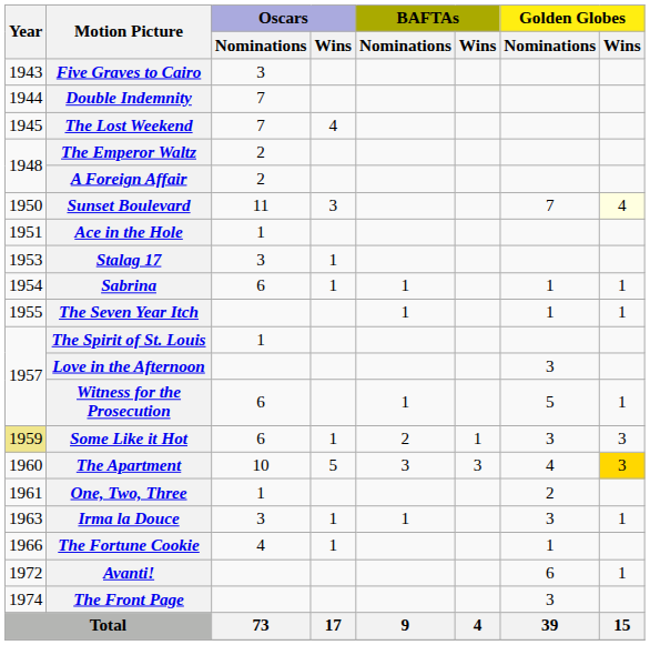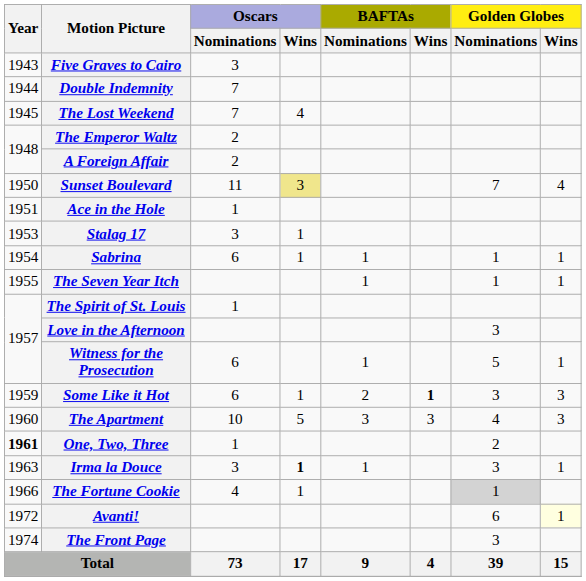 <table class="wikitable plainrowheaders">
 <tr>
 <th scope="col" rowspan="2">Year</th>
 <th scope="col" rowspan="2">Motion Picture</th>
 <th scope="col" colspan="2" style="background-color:#aaaade;">Oscars</th>
 <th scope="col" colspan="2" style="background-color:#aa0;">BAFTAs</th>
 <th scope="col" colspan="2" style="background-color:#fe1;">Golden Globes</th>
 </tr>
 <tr>
 <th>Nominations</th>
 <th>Wins</th>
 <th>Nominations</th>
 <th>Wins</th>
 <th>Nominations</th>
 <th>Wins</th>
 </tr>
 <tr>
 <td>1943</td>
 <th scope="row"><em><a href='#'>Five Graves to Cairo</a></em></th>
 <td align=center>3</td>
 <td></td>
 <td></td>
 <td></td>
 <td></td>
 <td></td>
 </tr>
 <tr>
 <td>1944</td>
 <th scope="row"><em><a href='#'>Double Indemnity</a></em></th>
 <td align=center>7</td>
 <td></td>
 <td></td>
 <td></td>
 <td></td>
 <td></td>
 </tr>
 <tr>
 <td>1945</td>
 <th scope="row"><em><a href='#'>The Lost Weekend</a></em></th>
 <td align=center>7</td>
 <td align=center>4</td>
 <td></td>
 <td></td>
 <td></td>
 <td></td>
 </tr>
 <tr>
 <td rowspan="2">1948</td>
 <th scope="row"><em><a href='#'>The Emperor Waltz</a></em></th>
 <td align=center>2</td>
 <td></td>
 <td></td>
 <td></td>
 <td></td>
 <td></td>
 </tr>
 <tr>
 <th scope="row"><em><a href='#'>A Foreign Affair</a></em></th>
 <td align=center>2</td>
 <td></td>
 <td></td>
 <td></td>
 <td></td>
 <td></td>
 </tr>
 <tr>
 <td>1950</td>
 <th scope="row"><em><a href='#'>Sunset Boulevard</a></em></th>
 <td align=center>11</td>
-<td align=center>3</td>
+<td align=center style="background: khaki;">3</td>
 <td></td>
 <td></td>
 <td align=center>7</td>
-<td align=center style="background: lightyellow;">4</td>
+<td align=center>4</td>
 </tr>
 <tr>
 <td>1951</td>
 <th scope="row"><em><a href='#'>Ace in the Hole</a></em></th>
 <td align=center>1</td>
 <td></td>
 <td></td>
 <td></td>
 <td></td>
 <td></td>
 </tr>
 <tr>
 <td>1953</td>
 <th scope="row"><em><a href='#'>Stalag 17</a></em></th>
 <td align=center>3</td>
 <td align=center>1</td>
 <td></td>
 <td></td>
 <td></td>
 <td></td>
 </tr>
 <tr>
 <td>1954</td>
 <th scope="row"><em><a href='#'>Sabrina</a></em></th>
 <td align=center>6</td>
 <td align=center>1</td>
 <td align=center>1</td>
 <td></td>
 <td align=center>1</td>
 <td align=center>1</td>
 </tr>
 <tr>
 <td>1955</td>
 <th scope="row"><em><a href='#'>The Seven Year Itch</a></em></th>
 <td></td>
 <td></td>
 <td align=center>1</td>
 <td></td>
 <td align=center>1</td>
 <td align=center>1</td>
 </tr>
 <tr>
 <td rowspan="3">1957</td>
 <th scope="row"><em><a href='#'>The Spirit of St. Louis</a></em></th>
 <td align=center>1</td>
 <td></td>
 <td></td>
 <td></td>
 <td></td>
 <td></td>
 </tr>
 <tr>
 <th scope="row"><em><a href='#'>Love in the Afternoon</a></em></th>
 <td></td>
 <td></td>
 <td></td>
 <td></td>
 <td align=center>3</td>
 <td></td>
 </tr>
 <tr>
 <th scope="row"><em><a href='#'>Witness for the Prosecution</a></em></th>
 <td align=center>6</td>
 <td></td>
 <td align=center>1</td>
 <td></td>
 <td align=center>5</td>
 <td align=center>1</td>
 </tr>
 <tr>
-<td style="background: khaki;">1959</td>
+<td>1959</td>
 <th scope="row"><em><a href='#'>Some Like it Hot</a></em></th>
 <td align=center>6</td>
 <td align=center>1</td>
 <td align=center>2</td>
-<td align=center>1</td>
+<td align=center><strong>1</strong></td>
 <td align=center>3</td>
 <td align=center>3</td>
 </tr>
 <tr>
 <td>1960</td>
 <th scope="row"><em><a href='#'>The Apartment</a></em></th>
 <td align=center>10</td>
 <td align=center>5</td>
 <td align=center>3</td>
 <td align=center>3</td>
 <td align=center>4</td>
-<td align=center style="background: gold;">3</td>
+<td align=center>3</td>
 </tr>
 <tr>
-<td>1961</td>
+<td><strong>1961</strong></td>
 <th scope="row"><em><a href='#'>One, Two, Three</a></em></th>
 <td align=center>1</td>
 <td></td>
 <td></td>
 <td></td>
 <td align=center>2</td>
 <td></td>
 </tr>
 <tr>
 <td>1963</td>
 <th scope="row"><em><a href='#'>Irma la Douce</a></em></th>
 <td align=center>3</td>
-<td align=center>1</td>
+<td align=center><strong>1</strong></td>
 <td align=center>1</td>
 <td></td>
 <td align=center>3</td>
 <td align=center>1</td>
 </tr>
 <tr>
 <td>1966</td>
 <th scope="row"><em><a href='#'>The Fortune Cookie</a></em></th>
 <td align=center>4</td>
 <td align=center>1</td>
 <td></td>
 <td></td>
-<td align=center>1</td>
+<td align=center style="background: lightgrey;">1</td>
 <td></td>
 </tr>
 <tr>
 <td>1972</td>
 <th scope="row"><em><a href='#'>Avanti!</a></em></th>
 <td></td>
 <td></td>
 <td></td>
 <td></td>
 <td align=center>6</td>
-<td align=center>1</td>
+<td align=center style="background: lightyellow;">1</td>
 </tr>
 <tr>
 <td>1974</td>
 <th scope="row"><em><a href='#'>The Front Page</a></em></th>
 <td></td>
 <td></td>
 <td></td>
 <td></td>
 <td align=center>3</td>
 <td></td>
 </tr>
 <tr>
 <th scope="col" colspan="2" style="background-color:#b4b5b3;">Total</th>
 <th>73</th>
 <th>17</th>
 <th>9</th>
 <th>4</th>
 <th>39</th>
 <th>15</th>
 </tr>
 <tr>
 </tr>
 </table>
